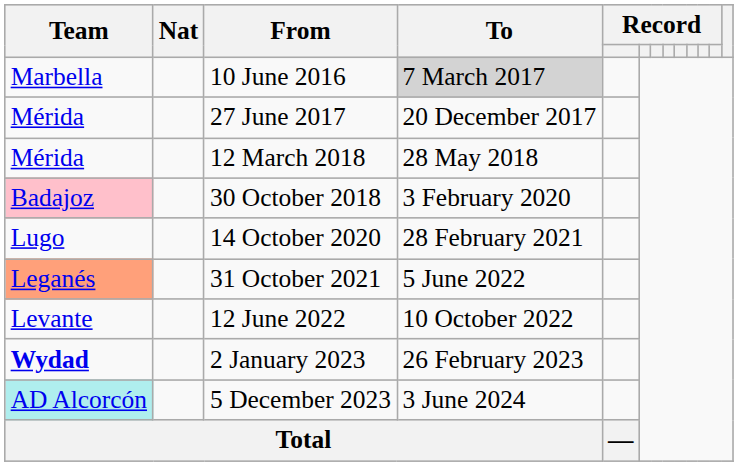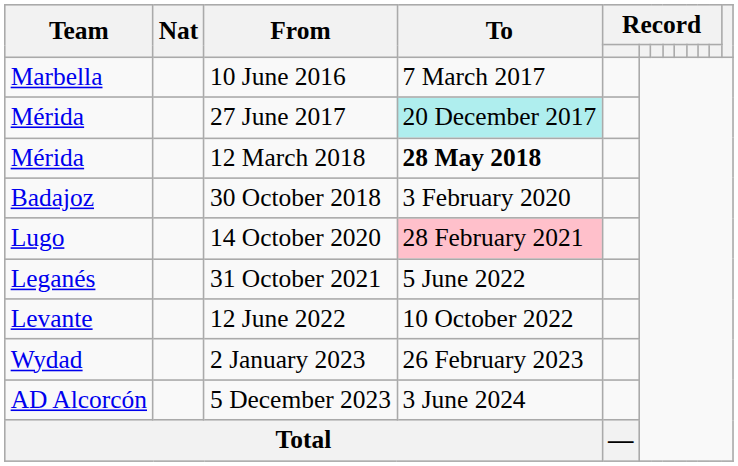 <table class="wikitable" style="text-align:center">
 <tr>
 <th rowspan=2>Team</th>
 <th rowspan=2>Nat</th>
 <th rowspan=2>From</th>
 <th rowspan=2>To</th>
 <th colspan=8>Record</th>
 <th rowspan=2></th>
 </tr>
 <tr>
 <th></th>
 <th></th>
 <th></th>
 <th></th>
 <th></th>
 <th></th>
 <th></th>
 <th></th>
 </tr>
 <tr>
 <td align=left><a href='#'>Marbella</a></td>
 <td align=left></td>
 <td align=left>10 June 2016</td>
-<td align=left style="background: lightgrey;">7 March 2017<br></td>
+<td align=left>7 March 2017<br></td>
 <td></td>
 </tr>
 <tr>
 <td align=left><a href='#'>Mérida</a></td>
 <td align=left></td>
 <td align=left>27 June 2017</td>
-<td align=left>20 December 2017<br></td>
+<td align=left style="background: paleturquoise;">20 December 2017<br></td>
 <td></td>
 </tr>
 <tr>
 <td align=left><a href='#'>Mérida</a></td>
 <td align=left></td>
 <td align=left>12 March 2018</td>
-<td align=left>28 May 2018<br></td>
+<td align=left><strong>28 May 2018<br></strong></td>
 <td></td>
 </tr>
 <tr>
-<td align=left style="background: pink;"><a href='#'>Badajoz</a></td>
+<td align=left><a href='#'>Badajoz</a></td>
 <td align=left></td>
 <td align=left>30 October 2018</td>
 <td align=left>3 February 2020<br></td>
 <td></td>
 </tr>
 <tr>
 <td align=left><a href='#'>Lugo</a></td>
 <td align=left></td>
 <td align=left>14 October 2020</td>
-<td align=left>28 February 2021<br></td>
+<td align=left style="background: pink;">28 February 2021<br></td>
 <td></td>
 </tr>
 <tr>
-<td align=left style="background: lightsalmon;"><a href='#'>Leganés</a></td>
+<td align=left><a href='#'>Leganés</a></td>
 <td align=left></td>
 <td align=left>31 October 2021</td>
 <td align=left>5 June 2022<br></td>
 <td></td>
 </tr>
 <tr>
 <td align=left><a href='#'>Levante</a></td>
 <td align=left></td>
 <td align=left>12 June 2022</td>
 <td align=left>10 October 2022<br></td>
 <td></td>
 </tr>
 <tr>
-<td align=left><strong><a href='#'>Wydad</a></strong></td>
+<td align=left><a href='#'>Wydad</a></td>
 <td align=left></td>
 <td align=left>2 January 2023</td>
 <td align=left>26 February 2023<br></td>
 <td></td>
 </tr>
 <tr>
-<td align=left style="background: paleturquoise;"><a href='#'>AD Alcorcón</a></td>
+<td align=left><a href='#'>AD Alcorcón</a></td>
 <td align=left></td>
 <td align=left>5 December 2023</td>
 <td align=left>3 June 2024<br></td>
 <td></td>
 </tr>
 <tr>
 <th colspan=4>Total<br></th>
 <th>—</th>
 </tr>
 </table>
